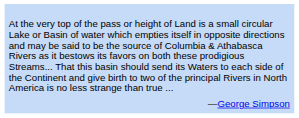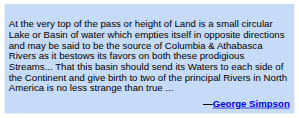 <table class="toccolours" style="float: right; margin-left: 1em; margin-right: 2em; font-size: 85%; background:#c6dbf7; color:black; width:30em; max-width: 40%;" cellspacing="5">
 <tr>
 <td style="text-align: left;"><br>At the very top of the pass or height of Land is a small circular Lake or Basin of water which empties itself in opposite directions and may be said to be the source of Columbia & Athabasca Rivers as it bestows its favors on both these prodigious Streams... That this basin should send its Waters to each side of the Continent and give birth to two of the principal Rivers in North America is no less strange than true ...</td>
 </tr>
 <tr>
-<td style="text-align: right;">—<a href='#'>George Simpson</a></td>
+<td style="text-align: right;"><strong>—<a href='#'>George Simpson</a></strong></td>
 </tr>
 </table>
